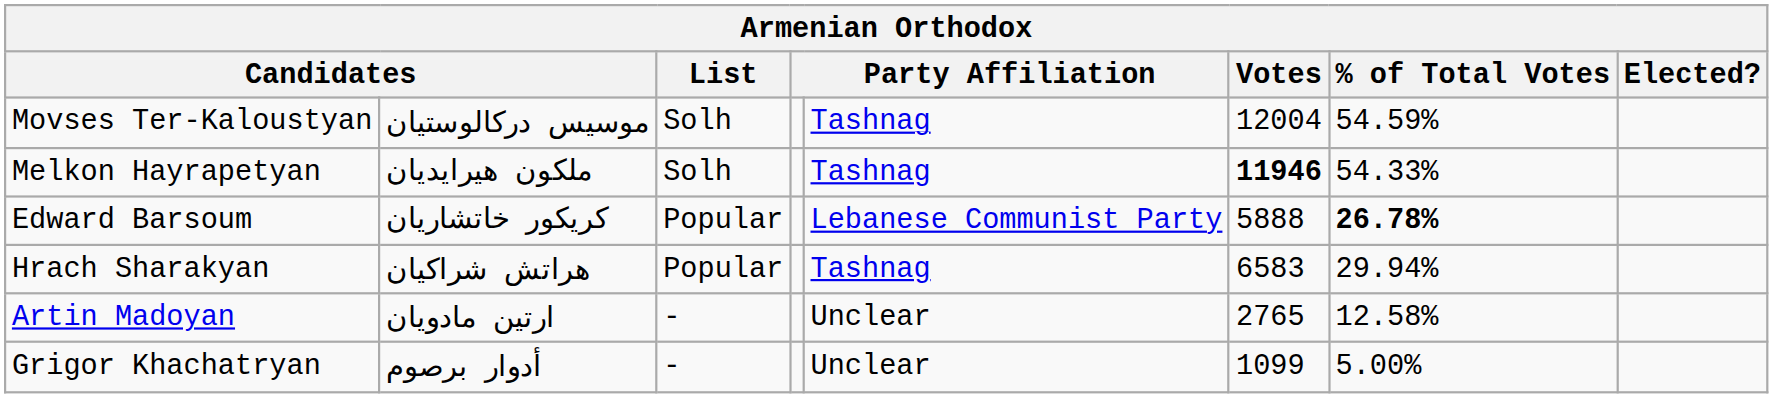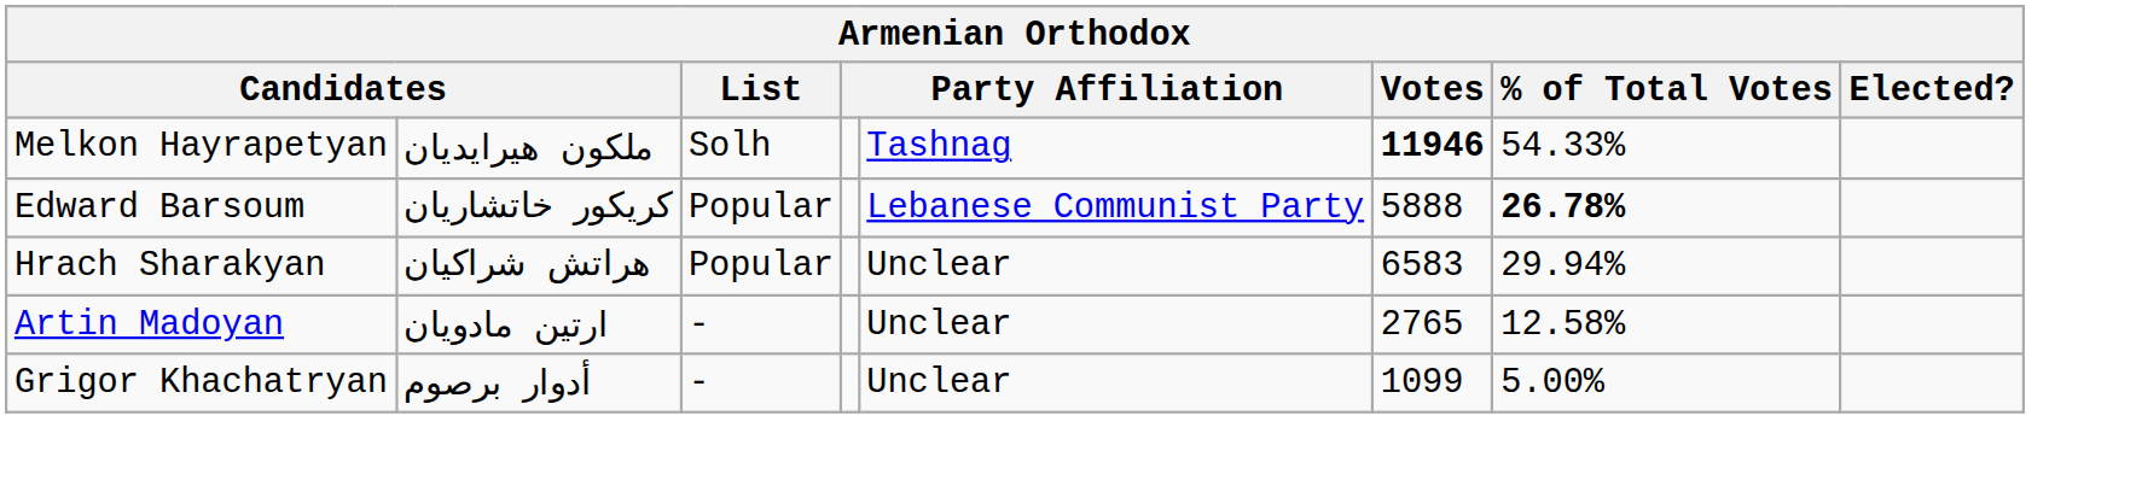 <table class="wikitable sortable">
 <tr>
 <th colspan="8">Armenian Orthodox</th>
 </tr>
 <tr>
 <th colspan="2">Candidates</th>
 <th>List</th>
 <th colspan="2">Party Affiliation</th>
 <th>Votes</th>
 <th>% of Total Votes</th>
 <th>Elected?</th>
-</tr>
-<tr>
-<td>Movses Ter-Kaloustyan</td>
-<td>موسيس دركالوستيان</td>
-<td>Solh</td>
-<td style="background: "></td>
-<td><a href='#'>Tashnag</a></td>
-<td>12004</td>
-<td>54.59%</td>
-<td></td>
 </tr>
 <tr>
 <td>Melkon Hayrapetyan</td>
 <td>ملكون هيرايديان</td>
 <td>Solh</td>
 <td style="background: "></td>
 <td><a href='#'>Tashnag</a></td>
 <td><strong>11946</strong></td>
 <td>54.33%</td>
 <td></td>
 </tr>
 <tr>
 <td>Edward Barsoum</td>
 <td>كريكور خاتشاريان</td>
 <td>Popular</td>
 <td style="background: "></td>
 <td><a href='#'>Lebanese Communist Party</a></td>
 <td>5888</td>
 <td><strong>26.78%</strong></td>
 <td></td>
 </tr>
 <tr>
 <td>Hrach Sharakyan</td>
 <td>هراتش شراكيان</td>
 <td>Popular</td>
 <td style="background: "></td>
-<td><a href='#'>Tashnag</a></td>
+<td>Unclear</td>
 <td>6583</td>
 <td>29.94%</td>
 <td></td>
 </tr>
 <tr>
 <td><a href='#'>Artin Madoyan</a></td>
 <td>ارتين مادويان</td>
 <td>-</td>
 <td style="background: "></td>
 <td>Unclear</td>
 <td>2765</td>
 <td>12.58%</td>
 <td></td>
 </tr>
 <tr>
 <td>Grigor Khachatryan</td>
 <td>أدوار برصوم</td>
 <td>-</td>
 <td style="background: "></td>
 <td>Unclear</td>
 <td>1099</td>
 <td>5.00%</td>
 <td></td>
 </tr>
 </table>
